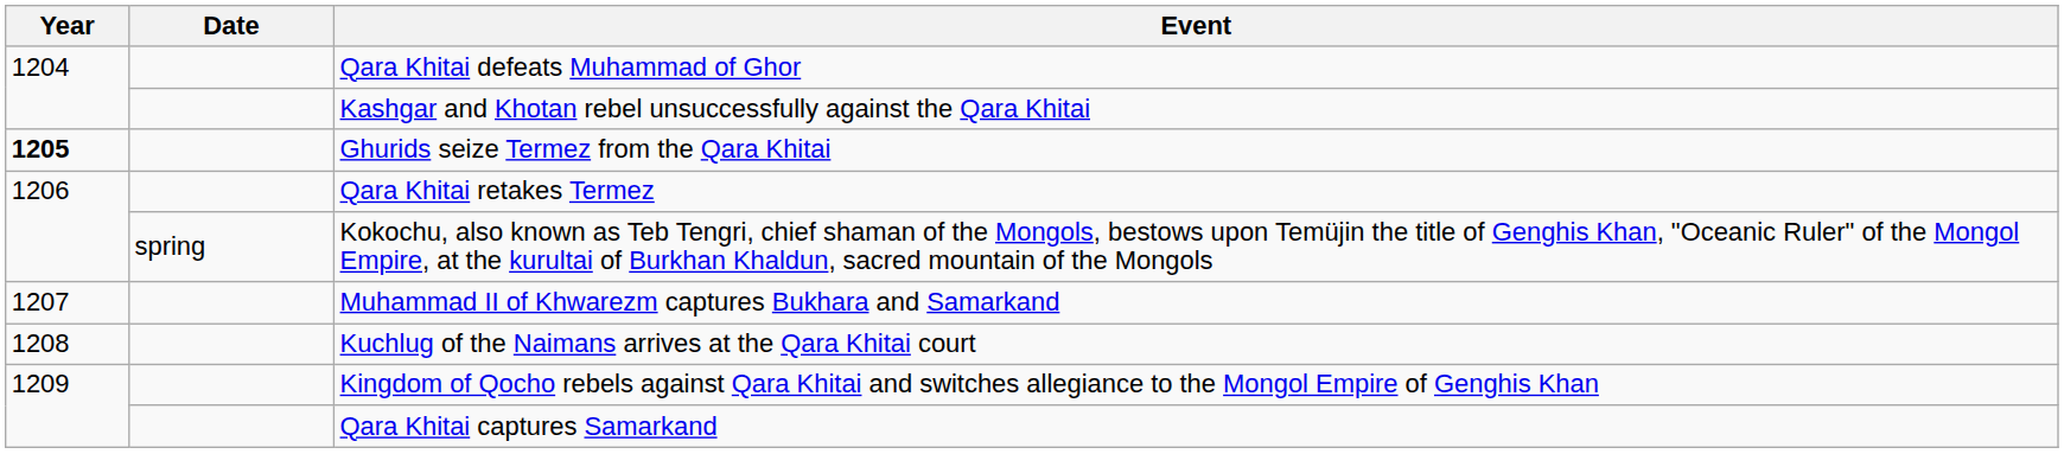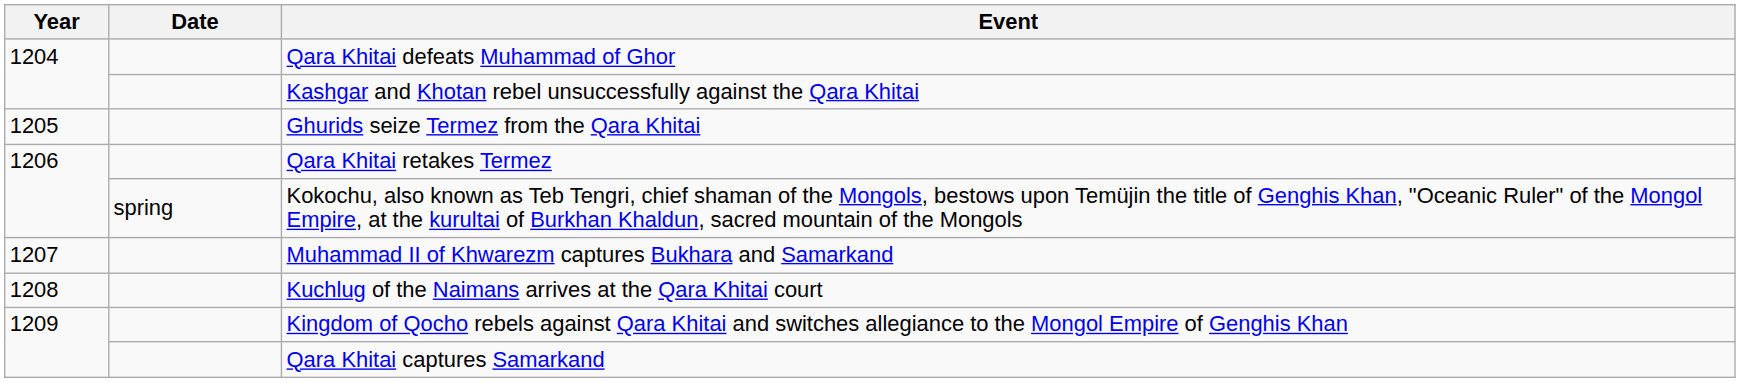 <table class="wikitable" width="100%">
 <tr>
 <th style="width:6%">Year</th>
 <th style="width:10%">Date</th>
 <th>Event</th>
 </tr>
 <tr>
 <td rowspan="2" valign="top">1204</td>
 <td></td>
 <td><a href='#'>Qara Khitai</a> defeats <a href='#'>Muhammad of Ghor</a></td>
 </tr>
 <tr>
 <td></td>
 <td><a href='#'>Kashgar</a> and <a href='#'>Khotan</a> rebel unsuccessfully against the <a href='#'>Qara Khitai</a></td>
 </tr>
 <tr>
-<td><strong>1205</strong></td>
+<td>1205</td>
 <td></td>
 <td><a href='#'>Ghurids</a> seize <a href='#'>Termez</a> from the <a href='#'>Qara Khitai</a></td>
 </tr>
 <tr>
 <td rowspan="2" valign="top">1206</td>
 <td></td>
 <td><a href='#'>Qara Khitai</a> retakes <a href='#'>Termez</a></td>
 </tr>
 <tr>
 <td>spring</td>
 <td>Kokochu, also known as Teb Tengri, chief shaman of the <a href='#'>Mongols</a>, bestows upon Temüjin the title of <a href='#'>Genghis Khan</a>, "Oceanic Ruler" of the <a href='#'>Mongol Empire</a>, at the <a href='#'>kurultai</a> of <a href='#'>Burkhan Khaldun</a>, sacred mountain of the Mongols</td>
 </tr>
 <tr>
 <td>1207</td>
 <td></td>
 <td><a href='#'>Muhammad II of Khwarezm</a> captures <a href='#'>Bukhara</a> and <a href='#'>Samarkand</a></td>
 </tr>
 <tr>
 <td>1208</td>
 <td></td>
 <td><a href='#'>Kuchlug</a> of the <a href='#'>Naimans</a> arrives at the <a href='#'>Qara Khitai</a> court</td>
 </tr>
 <tr>
 <td rowspan="2" valign="top">1209</td>
 <td></td>
 <td><a href='#'>Kingdom of Qocho</a> rebels against <a href='#'>Qara Khitai</a> and switches allegiance to the <a href='#'>Mongol Empire</a> of <a href='#'>Genghis Khan</a></td>
 </tr>
 <tr>
 <td></td>
 <td><a href='#'>Qara Khitai</a> captures <a href='#'>Samarkand</a></td>
 </tr>
 </table>
